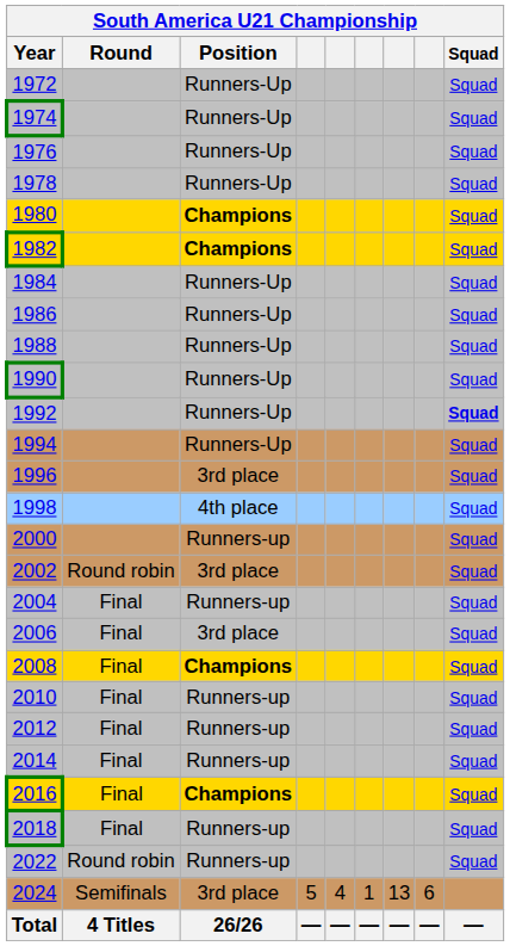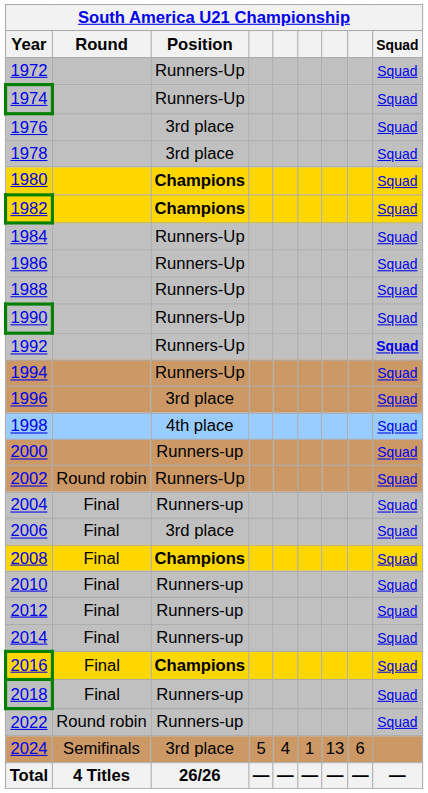 <table class="wikitable" style="text-align: center;">
 <tr>
 <th colspan=9><a href='#'>South America U21 Championship</a></th>
 </tr>
 <tr>
 <th>Year</th>
 <th>Round</th>
 <th>Position</th>
 <th></th>
 <th></th>
 <th></th>
 <th></th>
 <th></th>
 <th><small>Squad</small></th>
 </tr>
 <tr bgcolor=silver>
 <td> <a href='#'>1972</a></td>
 <td></td>
 <td>Runners-Up</td>
 <td></td>
 <td></td>
 <td></td>
 <td></td>
 <td></td>
 <td><small> <a href='#'>Squad</a></small></td>
 </tr>
 <tr bgcolor=silver>
 <td style="border:3px solid green"> <a href='#'>1974</a></td>
 <td></td>
 <td>Runners-Up</td>
 <td></td>
 <td></td>
 <td></td>
 <td></td>
 <td></td>
 <td><small> <a href='#'>Squad</a></small></td>
 </tr>
 <tr bgcolor=silver>
 <td> <a href='#'>1976</a></td>
 <td></td>
-<td>Runners-Up</td>
+<td>3rd place</td>
 <td></td>
 <td></td>
 <td></td>
 <td></td>
 <td></td>
 <td><small> <a href='#'>Squad</a></small></td>
 </tr>
 <tr bgcolor=silver>
 <td> <a href='#'>1978</a></td>
 <td></td>
-<td>Runners-Up</td>
+<td>3rd place</td>
 <td></td>
 <td></td>
 <td></td>
 <td></td>
 <td></td>
 <td><small> <a href='#'>Squad</a></small></td>
 </tr>
 <tr bgcolor=gold>
 <td> <a href='#'>1980</a></td>
 <td></td>
 <td><strong>Champions</strong></td>
 <td></td>
 <td></td>
 <td></td>
 <td></td>
 <td></td>
 <td><small> <a href='#'>Squad</a></small></td>
 </tr>
 <tr bgcolor=gold>
 <td style="border:3px solid green"> <a href='#'>1982</a></td>
 <td></td>
 <td><strong>Champions</strong></td>
 <td></td>
 <td></td>
 <td></td>
 <td></td>
 <td></td>
 <td><small> <a href='#'>Squad</a></small></td>
 </tr>
 <tr bgcolor=silver>
 <td> <a href='#'>1984</a></td>
 <td></td>
 <td>Runners-Up</td>
 <td></td>
 <td></td>
 <td></td>
 <td></td>
 <td></td>
 <td><small> <a href='#'>Squad</a></small></td>
 </tr>
 <tr bgcolor=silver>
 <td> <a href='#'>1986</a></td>
 <td></td>
 <td>Runners-Up</td>
 <td></td>
 <td></td>
 <td></td>
 <td></td>
 <td></td>
 <td><small> <a href='#'>Squad</a></small></td>
 </tr>
 <tr bgcolor=silver>
 <td> <a href='#'>1988</a></td>
 <td></td>
 <td>Runners-Up</td>
 <td></td>
 <td></td>
 <td></td>
 <td></td>
 <td></td>
 <td><small> <a href='#'>Squad</a></small></td>
 </tr>
 <tr bgcolor=silver>
 <td style="border:3px solid green"> <a href='#'>1990</a></td>
 <td></td>
 <td>Runners-Up</td>
 <td></td>
 <td></td>
 <td></td>
 <td></td>
 <td></td>
 <td><small> <a href='#'>Squad</a></small></td>
 </tr>
 <tr bgcolor=silver>
 <td> <a href='#'>1992</a></td>
 <td></td>
 <td>Runners-Up</td>
 <td></td>
 <td></td>
 <td></td>
 <td></td>
 <td></td>
 <td><strong><small> <a href='#'>Squad</a></small></strong></td>
 </tr>
 <tr bgcolor=cc9966>
 <td> <a href='#'>1994</a></td>
 <td></td>
 <td>Runners-Up</td>
 <td></td>
 <td></td>
 <td></td>
 <td></td>
 <td></td>
 <td><small> <a href='#'>Squad</a></small></td>
 </tr>
 <tr bgcolor=cc9966>
 <td> <a href='#'>1996</a></td>
 <td></td>
 <td>3rd place</td>
 <td></td>
 <td></td>
 <td></td>
 <td></td>
 <td></td>
 <td><small> <a href='#'>Squad</a></small></td>
 </tr>
 <tr bgcolor=#9acdff>
 <td> <a href='#'>1998</a></td>
 <td></td>
 <td>4th place</td>
 <td></td>
 <td></td>
 <td></td>
 <td></td>
 <td></td>
 <td><small> <a href='#'>Squad</a></small></td>
 </tr>
 <tr bgcolor=cc9966>
 <td> <a href='#'>2000</a></td>
 <td></td>
 <td>Runners-up</td>
 <td></td>
 <td></td>
 <td></td>
 <td></td>
 <td></td>
 <td><small> <a href='#'>Squad</a></small></td>
 </tr>
 <tr bgcolor=cc9966>
 <td> <a href='#'>2002</a></td>
 <td>Round robin</td>
-<td>3rd place</td>
+<td>Runners-Up</td>
 <td></td>
 <td></td>
 <td></td>
 <td></td>
 <td></td>
 <td><small> <a href='#'>Squad</a></small></td>
 </tr>
 <tr bgcolor=silver>
 <td> <a href='#'>2004</a></td>
 <td>Final</td>
 <td>Runners-up</td>
 <td></td>
 <td></td>
 <td></td>
 <td></td>
 <td></td>
 <td><small> <a href='#'>Squad</a></small></td>
 </tr>
 <tr bgcolor=silver>
 <td> <a href='#'>2006</a></td>
 <td>Final</td>
 <td>3rd place</td>
 <td></td>
 <td></td>
 <td></td>
 <td></td>
 <td></td>
 <td><small> <a href='#'>Squad</a></small></td>
 </tr>
 <tr bgcolor=gold>
 <td> <a href='#'>2008</a></td>
 <td>Final</td>
 <td><strong>Champions</strong></td>
 <td></td>
 <td></td>
 <td></td>
 <td></td>
 <td></td>
 <td><small> <a href='#'>Squad</a></small></td>
 </tr>
 <tr bgcolor=silver>
 <td> <a href='#'>2010</a></td>
 <td>Final</td>
 <td>Runners-up</td>
 <td></td>
 <td></td>
 <td></td>
 <td></td>
 <td></td>
 <td><small> <a href='#'>Squad</a></small></td>
 </tr>
 <tr bgcolor=silver>
 <td> <a href='#'>2012</a></td>
 <td>Final</td>
 <td>Runners-up</td>
 <td></td>
 <td></td>
 <td></td>
 <td></td>
 <td></td>
 <td><small> <a href='#'>Squad</a></small></td>
 </tr>
 <tr bgcolor=silver>
 <td> <a href='#'>2014</a></td>
 <td>Final</td>
 <td>Runners-up</td>
 <td></td>
 <td></td>
 <td></td>
 <td></td>
 <td></td>
 <td><small> <a href='#'>Squad</a></small></td>
 </tr>
 <tr bgcolor=gold>
 <td style="border:3px solid green"> <a href='#'>2016</a></td>
 <td>Final</td>
 <td><strong>Champions</strong></td>
 <td></td>
 <td></td>
 <td></td>
 <td></td>
 <td></td>
 <td><small> <a href='#'>Squad</a></small></td>
 </tr>
 <tr bgcolor=silver>
 <td style="border:3px solid green"> <a href='#'>2018</a></td>
 <td>Final</td>
 <td>Runners-up</td>
 <td></td>
 <td></td>
 <td></td>
 <td></td>
 <td></td>
 <td><small> <a href='#'>Squad</a></small></td>
 </tr>
 <tr bgcolor=silver>
 <td> <a href='#'>2022</a></td>
 <td>Round robin</td>
 <td>Runners-up</td>
 <td></td>
 <td></td>
 <td></td>
 <td></td>
 <td></td>
 <td><small> <a href='#'>Squad</a></small></td>
 </tr>
 <tr bgcolor=cc9966>
 <td> <a href='#'>2024</a></td>
 <td>Semifinals</td>
 <td>3rd place</td>
 <td>5</td>
 <td>4</td>
 <td>1</td>
 <td>13</td>
 <td>6</td>
 <td></td>
 </tr>
 <tr>
 <th>Total</th>
 <th>4 Titles</th>
 <th>26/26</th>
 <th>—</th>
 <th>—</th>
 <th>—</th>
 <th>—</th>
 <th>—</th>
 <th>—</th>
 </tr>
 </table>
